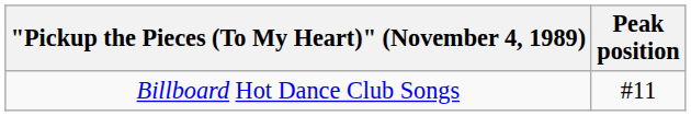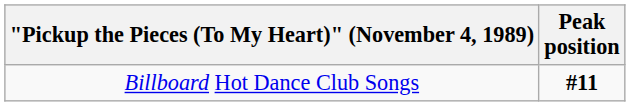 <table class="wikitable plainrowheaders" align = right style= "text-align: center;">
 <tr>
 <th>"Pickup the Pieces (To My Heart)" (November 4, 1989)</th>
 <th>Peak<br>position</th>
 </tr>
 <tr>
 <td><a href='#'><em>Billboard</em></a> <a href='#'>Hot Dance Club Songs</a></td>
-<td>#11</td>
+<td><strong>#11</strong></td>
 </tr>
 </table>
